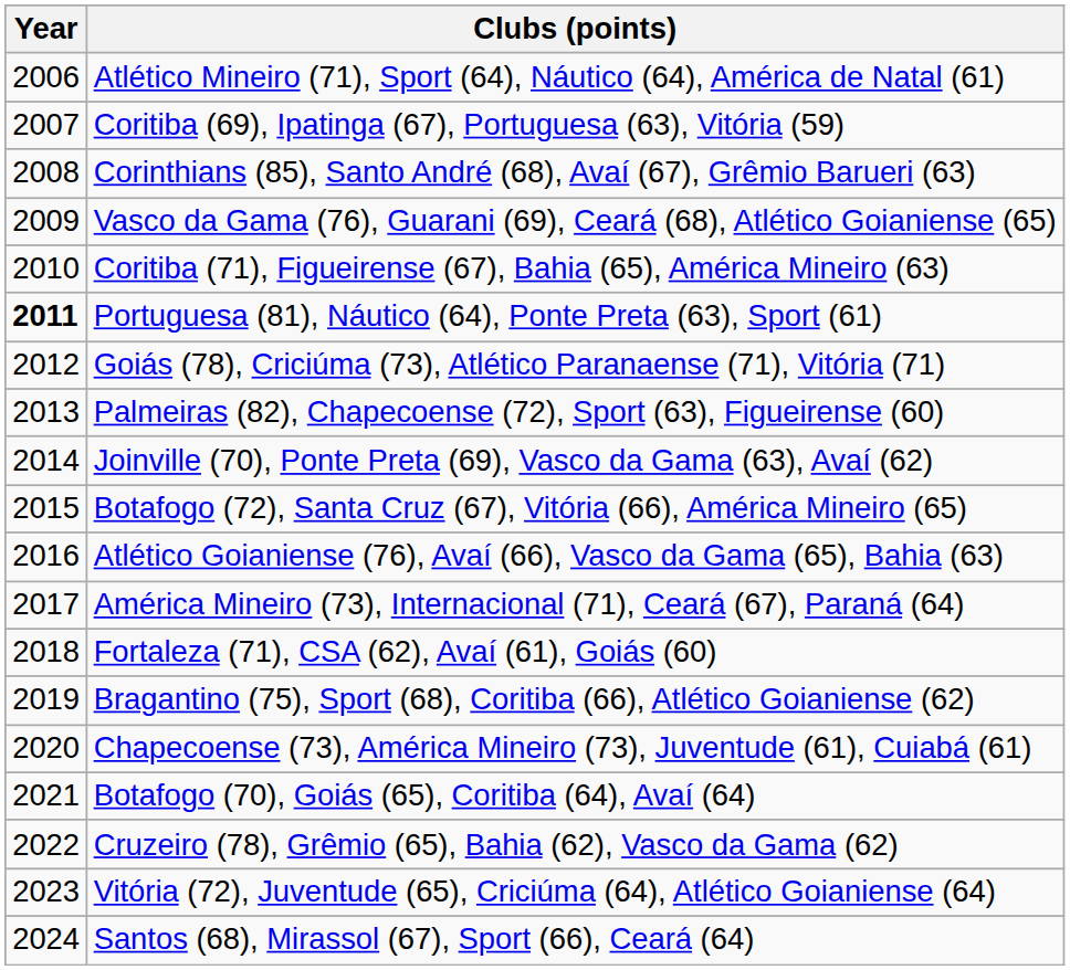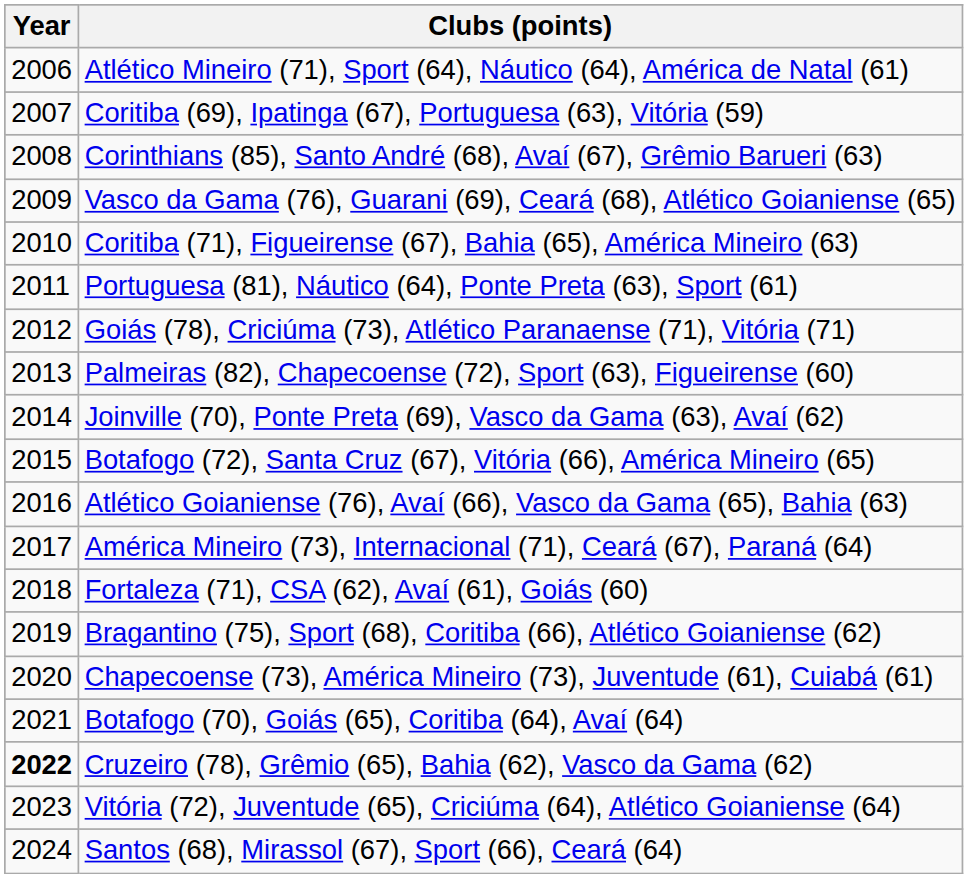 <table class="wikitable">
 <tr>
 <th>Year</th>
 <th>Clubs (points)</th>
 </tr>
 <tr>
 <td>2006</td>
 <td><a href='#'>Atlético Mineiro</a> (71), <a href='#'>Sport</a> (64), <a href='#'>Náutico</a> (64), <a href='#'>América de Natal</a> (61)</td>
 </tr>
 <tr>
 <td>2007</td>
 <td><a href='#'>Coritiba</a> (69), <a href='#'>Ipatinga</a> (67), <a href='#'>Portuguesa</a> (63), <a href='#'>Vitória</a> (59)</td>
 </tr>
 <tr>
 <td>2008</td>
 <td><a href='#'>Corinthians</a> (85), <a href='#'>Santo André</a> (68), <a href='#'>Avaí</a> (67), <a href='#'>Grêmio Barueri</a> (63)</td>
 </tr>
 <tr>
 <td>2009</td>
 <td><a href='#'>Vasco da Gama</a> (76), <a href='#'>Guarani</a> (69), <a href='#'>Ceará</a> (68), <a href='#'>Atlético Goianiense</a> (65)</td>
 </tr>
 <tr>
 <td>2010</td>
 <td><a href='#'>Coritiba</a> (71), <a href='#'>Figueirense</a> (67), <a href='#'>Bahia</a> (65), <a href='#'>América Mineiro</a> (63)</td>
 </tr>
 <tr>
-<td><strong>2011</strong></td>
+<td>2011</td>
 <td><a href='#'>Portuguesa</a> (81), <a href='#'>Náutico</a> (64), <a href='#'>Ponte Preta</a> (63), <a href='#'>Sport</a> (61)</td>
 </tr>
 <tr>
 <td>2012</td>
 <td><a href='#'>Goiás</a> (78), <a href='#'>Criciúma</a> (73), <a href='#'>Atlético Paranaense</a> (71), <a href='#'>Vitória</a> (71)</td>
 </tr>
 <tr>
 <td>2013</td>
 <td><a href='#'>Palmeiras</a> (82), <a href='#'>Chapecoense</a> (72), <a href='#'>Sport</a> (63), <a href='#'>Figueirense</a> (60)</td>
 </tr>
 <tr>
 <td>2014</td>
 <td><a href='#'>Joinville</a> (70), <a href='#'>Ponte Preta</a> (69), <a href='#'>Vasco da Gama</a> (63), <a href='#'>Avaí</a> (62)</td>
 </tr>
 <tr>
 <td>2015</td>
 <td><a href='#'>Botafogo</a> (72), <a href='#'>Santa Cruz</a> (67), <a href='#'>Vitória</a> (66), <a href='#'>América Mineiro</a> (65)</td>
 </tr>
 <tr>
 <td>2016</td>
 <td><a href='#'>Atlético Goianiense</a> (76), <a href='#'>Avaí</a> (66), <a href='#'>Vasco da Gama</a> (65), <a href='#'>Bahia</a> (63)</td>
 </tr>
 <tr>
 <td>2017</td>
 <td><a href='#'>América Mineiro</a> (73), <a href='#'>Internacional</a> (71), <a href='#'>Ceará</a> (67), <a href='#'>Paraná</a> (64)</td>
 </tr>
 <tr>
 <td>2018</td>
 <td><a href='#'>Fortaleza</a> (71), <a href='#'>CSA</a> (62), <a href='#'>Avaí</a> (61), <a href='#'>Goiás</a> (60)</td>
 </tr>
 <tr>
 <td>2019</td>
 <td><a href='#'>Bragantino</a> (75), <a href='#'>Sport</a> (68), <a href='#'>Coritiba</a> (66), <a href='#'>Atlético Goianiense</a> (62)</td>
 </tr>
 <tr>
 <td>2020</td>
 <td><a href='#'>Chapecoense</a> (73), <a href='#'>América Mineiro</a> (73), <a href='#'>Juventude</a> (61), <a href='#'>Cuiabá</a> (61)</td>
 </tr>
 <tr>
 <td>2021</td>
 <td><a href='#'>Botafogo</a> (70), <a href='#'>Goiás</a> (65), <a href='#'>Coritiba</a> (64), <a href='#'>Avaí</a> (64)</td>
 </tr>
 <tr>
-<td>2022</td>
+<td><strong>2022</strong></td>
 <td><a href='#'>Cruzeiro</a> (78), <a href='#'>Grêmio</a> (65), <a href='#'>Bahia</a> (62), <a href='#'>Vasco da Gama</a> (62)</td>
 </tr>
 <tr>
 <td>2023</td>
 <td><a href='#'>Vitória</a> (72), <a href='#'>Juventude</a> (65), <a href='#'>Criciúma</a> (64), <a href='#'>Atlético Goianiense</a> (64)</td>
 </tr>
 <tr>
 <td>2024</td>
 <td><a href='#'>Santos</a> (68), <a href='#'>Mirassol</a> (67), <a href='#'>Sport</a> (66), <a href='#'>Ceará</a> (64)</td>
 </tr>
 </table>
